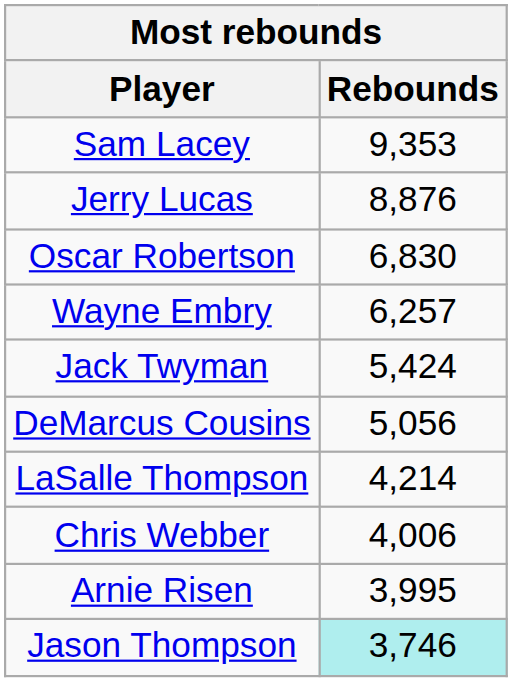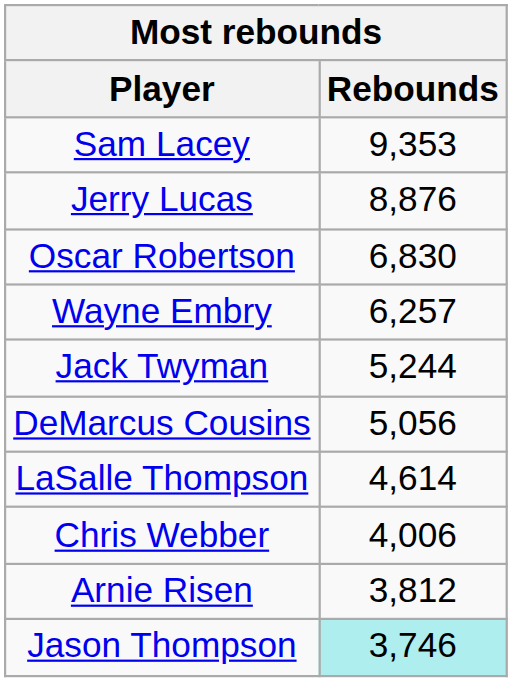 <table class="wikitable sortable" style="text-align:center">
 <tr>
 <th colspan="2" style="text-align:center; ">Most rebounds</th>
 </tr>
 <tr>
 <th style="text-align:center; ">Player</th>
 <th style="text-align:center; ">Rebounds</th>
 </tr>
 <tr>
 <td><a href='#'>Sam Lacey</a></td>
 <td>9,353</td>
 </tr>
 <tr>
 <td><a href='#'>Jerry Lucas</a></td>
 <td>8,876</td>
 </tr>
 <tr>
 <td><a href='#'>Oscar Robertson</a></td>
 <td>6,830</td>
 </tr>
 <tr>
 <td><a href='#'>Wayne Embry</a></td>
 <td>6,257</td>
 </tr>
 <tr>
 <td><a href='#'>Jack Twyman</a></td>
-<td>5,424</td>
+<td>5,244</td>
 </tr>
 <tr>
 <td><a href='#'>DeMarcus Cousins</a></td>
 <td>5,056</td>
 </tr>
 <tr>
 <td><a href='#'>LaSalle Thompson</a></td>
-<td>4,214</td>
+<td>4,614</td>
 </tr>
 <tr>
 <td><a href='#'>Chris Webber</a></td>
 <td>4,006</td>
 </tr>
 <tr>
 <td><a href='#'>Arnie Risen</a></td>
-<td>3,995</td>
+<td>3,812</td>
 </tr>
 <tr>
 <td><a href='#'>Jason Thompson</a></td>
 <td style="background: paleturquoise;">3,746</td>
 </tr>
 </table>
